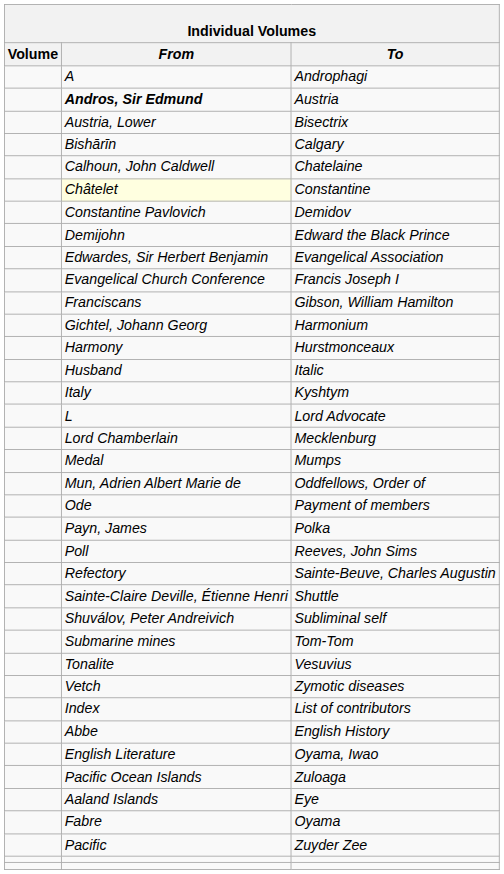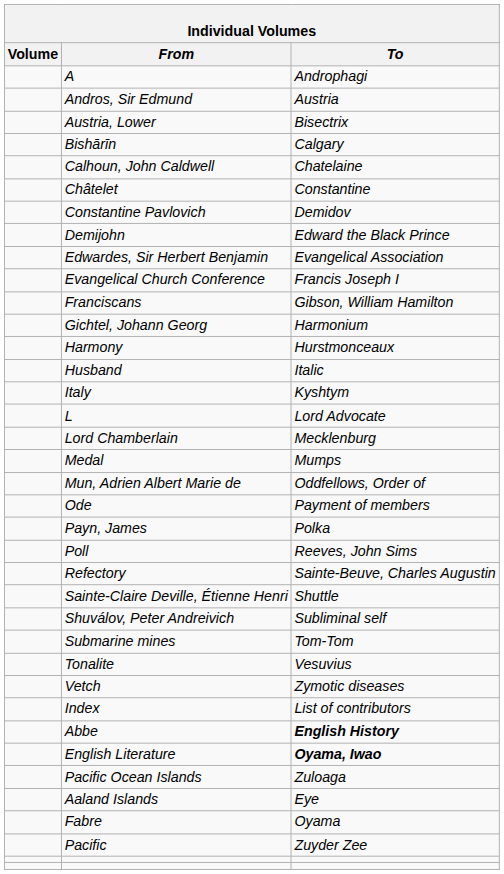 <table align="center" class="wikitable">
 <tr>
 <th colspan="4"><br>Individual Volumes</th>
 </tr>
 <tr>
 <th>Volume</th>
 <th><em>From</em></th>
 <th><em>To</em></th>
 </tr>
 <tr>
 <td></td>
 <td><em>A</em></td>
 <td><em>Androphagi</em></td>
 </tr>
 <tr>
 <td></td>
-<td><strong><em>Andros, Sir Edmund</em></strong></td>
+<td><em>Andros, Sir Edmund</em></td>
 <td><em>Austria</em></td>
 </tr>
 <tr>
 <td></td>
 <td><em>Austria, Lower</em></td>
 <td><em>Bisectrix</em></td>
 </tr>
 <tr>
 <td></td>
 <td><em>Bishārīn</em></td>
 <td><em>Calgary</em></td>
 </tr>
 <tr>
 <td></td>
 <td><em>Calhoun, John Caldwell</em></td>
 <td><em>Chatelaine</em></td>
 </tr>
 <tr>
 <td></td>
-<td style="background: lightyellow;"><em>Châtelet</em></td>
+<td><em>Châtelet</em></td>
 <td><em>Constantine</em></td>
 </tr>
 <tr>
 <td></td>
 <td><em>Constantine Pavlovich</em></td>
 <td><em>Demidov</em></td>
 </tr>
 <tr>
 <td></td>
 <td><em>Demijohn</em></td>
 <td><em>Edward the Black Prince</em></td>
 </tr>
 <tr>
 <td></td>
 <td><em>Edwardes, Sir Herbert Benjamin</em></td>
 <td><em>Evangelical Association</em></td>
 </tr>
 <tr>
 <td></td>
 <td><em>Evangelical Church Conference</em></td>
 <td><em>Francis Joseph I</em></td>
 </tr>
 <tr>
 <td></td>
 <td><em>Franciscans</em></td>
 <td><em>Gibson, William Hamilton</em></td>
 </tr>
 <tr>
 <td></td>
 <td><em>Gichtel, Johann Georg</em></td>
 <td><em>Harmonium</em></td>
 </tr>
 <tr>
 <td></td>
 <td><em>Harmony</em></td>
 <td><em>Hurstmonceaux</em></td>
 </tr>
 <tr>
 <td></td>
 <td><em>Husband</em></td>
 <td><em>Italic</em></td>
 </tr>
 <tr>
 <td></td>
 <td><em>Italy</em></td>
 <td><em>Kyshtym</em></td>
 </tr>
 <tr>
 <td></td>
 <td><em>L</em></td>
 <td><em>Lord Advocate</em></td>
 </tr>
 <tr>
 <td></td>
 <td><em>Lord Chamberlain</em></td>
 <td><em>Mecklenburg</em></td>
 </tr>
 <tr>
 <td></td>
 <td><em>Medal</em></td>
 <td><em>Mumps</em></td>
 </tr>
 <tr>
 <td></td>
 <td><em>Mun, Adrien Albert Marie de</em></td>
 <td><em>Oddfellows, Order of</em></td>
 </tr>
 <tr>
 <td></td>
 <td><em>Ode</em></td>
 <td><em>Payment of members</em></td>
 </tr>
 <tr>
 <td></td>
 <td><em>Payn, James</em></td>
 <td><em>Polka</em></td>
 </tr>
 <tr>
 <td></td>
 <td><em>Poll</em></td>
 <td><em>Reeves, John Sims</em></td>
 </tr>
 <tr>
 <td></td>
 <td><em>Refectory</em></td>
 <td><em>Sainte-Beuve, Charles Augustin</em></td>
 </tr>
 <tr>
 <td></td>
 <td><em>Sainte-Claire Deville, Étienne Henri</em></td>
 <td><em>Shuttle</em></td>
 </tr>
 <tr>
 <td></td>
 <td><em>Shuválov, Peter Andreivich</em></td>
 <td><em>Subliminal self</em></td>
 </tr>
 <tr>
 <td></td>
 <td><em>Submarine mines</em></td>
 <td><em>Tom-Tom</em></td>
 </tr>
 <tr>
 <td></td>
 <td><em>Tonalite</em></td>
 <td><em>Vesuvius</em></td>
 </tr>
 <tr>
 <td></td>
 <td><em>Vetch</em></td>
 <td><em>Zymotic diseases</em></td>
 </tr>
 <tr>
 <td></td>
 <td><em>Index</em></td>
 <td><em>List of contributors</em></td>
 </tr>
 <tr>
 <td></td>
 <td><em>Abbe</em></td>
-<td><em>English History</em></td>
+<td><strong><em>English History</em></strong></td>
 </tr>
 <tr>
 <td></td>
 <td><em>English Literature</em></td>
-<td><em>Oyama, Iwao</em></td>
+<td><strong><em>Oyama, Iwao</em></strong></td>
 </tr>
 <tr>
 <td></td>
 <td><em>Pacific Ocean Islands</em></td>
 <td><em>Zuloaga</em></td>
 </tr>
 <tr>
 <td></td>
 <td><em>Aaland Islands</em></td>
 <td><em>Eye</em></td>
 </tr>
 <tr>
 <td></td>
 <td><em>Fabre</em></td>
 <td><em>Oyama</em></td>
 </tr>
 <tr>
 <td></td>
 <td><em>Pacific</em></td>
 <td><em>Zuyder Zee</em></td>
 </tr>
 <tr>
 <td></td>
 <td></td>
 <td></td>
 </tr>
 <tr>
 <td></td>
 <td></td>
 <td></td>
 </tr>
 </table>
